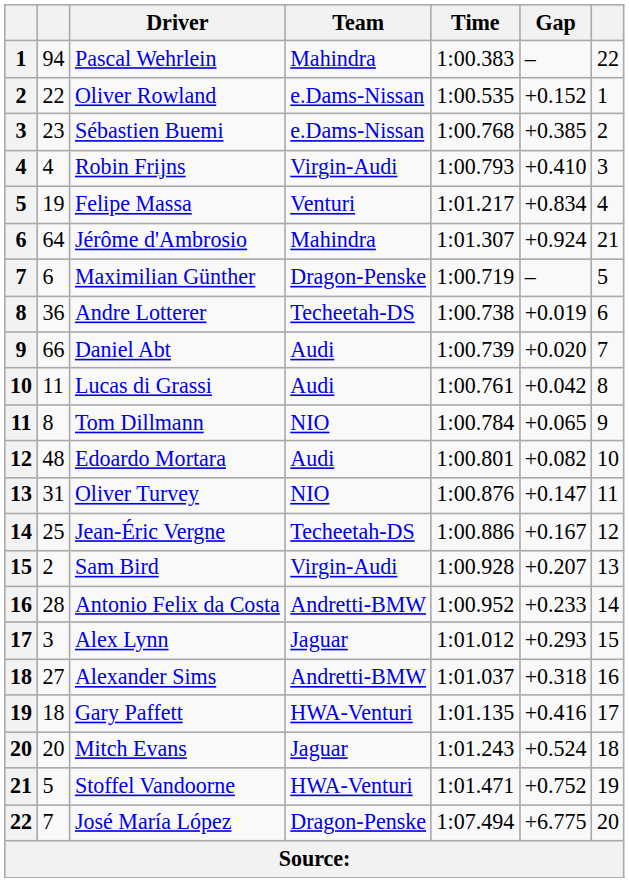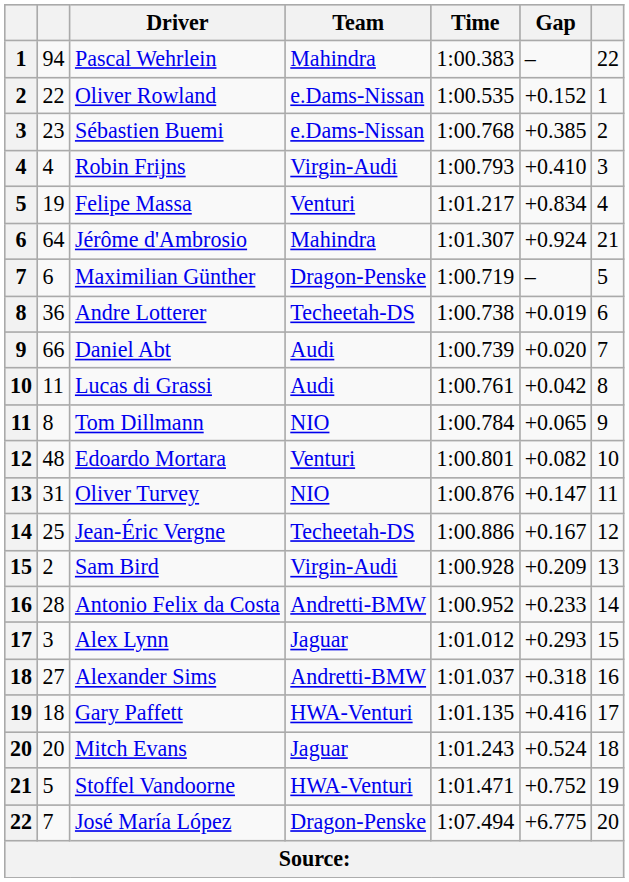 <table class="wikitable" style="font-size: 85%">
 <tr>
 <th scope="col"></th>
 <th scope="col"></th>
 <th scope="col">Driver</th>
 <th scope="col">Team</th>
 <th scope="col">Time</th>
 <th scope="col">Gap</th>
 <th scope="col"></th>
 </tr>
 <tr>
 <th scope="row">1</th>
 <td>94</td>
 <td> <a href='#'>Pascal Wehrlein</a></td>
 <td><a href='#'>Mahindra</a></td>
 <td>1:00.383</td>
 <td>–</td>
 <td>22</td>
 </tr>
 <tr>
 <th scope="row">2</th>
 <td>22</td>
 <td> <a href='#'>Oliver Rowland</a></td>
 <td><a href='#'>e.Dams-Nissan</a></td>
 <td>1:00.535</td>
 <td>+0.152</td>
 <td>1</td>
 </tr>
 <tr>
 <th scope="row">3</th>
 <td>23</td>
 <td> <a href='#'>Sébastien Buemi</a></td>
 <td><a href='#'>e.Dams-Nissan</a></td>
 <td>1:00.768</td>
 <td>+0.385</td>
 <td>2</td>
 </tr>
 <tr>
 <th scope="row">4</th>
 <td>4</td>
 <td> <a href='#'>Robin Frijns</a></td>
 <td><a href='#'>Virgin-Audi</a></td>
 <td>1:00.793</td>
 <td>+0.410</td>
 <td>3</td>
 </tr>
 <tr>
 <th scope="row">5</th>
 <td>19</td>
 <td> <a href='#'>Felipe Massa</a></td>
 <td><a href='#'>Venturi</a></td>
 <td>1:01.217</td>
 <td>+0.834</td>
 <td>4</td>
 </tr>
 <tr>
 <th scope="row">6</th>
 <td>64</td>
 <td> <a href='#'>Jérôme d'Ambrosio</a></td>
 <td><a href='#'>Mahindra</a></td>
 <td>1:01.307</td>
 <td>+0.924</td>
 <td>21</td>
 </tr>
 <tr>
 <th scope="row">7</th>
 <td>6</td>
 <td> <a href='#'>Maximilian Günther</a></td>
 <td><a href='#'>Dragon-Penske</a></td>
 <td>1:00.719</td>
 <td>–</td>
 <td>5</td>
 </tr>
 <tr>
 <th scope="row">8</th>
 <td>36</td>
 <td> <a href='#'>Andre Lotterer</a></td>
 <td><a href='#'>Techeetah-DS</a></td>
 <td>1:00.738</td>
 <td>+0.019</td>
 <td>6</td>
 </tr>
 <tr>
 <th scope="row">9</th>
 <td>66</td>
 <td> <a href='#'>Daniel Abt</a></td>
 <td><a href='#'>Audi</a></td>
 <td>1:00.739</td>
 <td>+0.020</td>
 <td>7</td>
 </tr>
 <tr>
 <th scope="row">10</th>
 <td>11</td>
 <td> <a href='#'>Lucas di Grassi</a></td>
 <td><a href='#'>Audi</a></td>
 <td>1:00.761</td>
 <td>+0.042</td>
 <td>8</td>
 </tr>
 <tr>
 <th scope="row">11</th>
 <td>8</td>
 <td> <a href='#'>Tom Dillmann</a></td>
 <td><a href='#'>NIO</a></td>
 <td>1:00.784</td>
 <td>+0.065</td>
 <td>9</td>
 </tr>
 <tr>
 <th scope="row">12</th>
 <td>48</td>
 <td> <a href='#'>Edoardo Mortara</a></td>
-<td><a href='#'>Audi</a></td>
+<td><a href='#'>Venturi</a></td>
 <td>1:00.801</td>
 <td>+0.082</td>
 <td>10</td>
 </tr>
 <tr>
 <th scope="row">13</th>
 <td>31</td>
 <td> <a href='#'>Oliver Turvey</a></td>
 <td><a href='#'>NIO</a></td>
 <td>1:00.876</td>
 <td>+0.147</td>
 <td>11</td>
 </tr>
 <tr>
 <th scope="row">14</th>
 <td>25</td>
 <td> <a href='#'>Jean-Éric Vergne</a></td>
 <td><a href='#'>Techeetah-DS</a></td>
 <td>1:00.886</td>
 <td>+0.167</td>
 <td>12</td>
 </tr>
 <tr>
 <th scope="row">15</th>
 <td>2</td>
 <td> <a href='#'>Sam Bird</a></td>
 <td><a href='#'>Virgin-Audi</a></td>
 <td>1:00.928</td>
-<td>+0.207</td>
+<td>+0.209</td>
 <td>13</td>
 </tr>
 <tr>
 <th scope="row">16</th>
 <td>28</td>
 <td> <a href='#'>Antonio Felix da Costa</a></td>
 <td><a href='#'>Andretti-BMW</a></td>
 <td>1:00.952</td>
 <td>+0.233</td>
 <td>14</td>
 </tr>
 <tr>
 <th scope="row">17</th>
 <td>3</td>
 <td> <a href='#'>Alex Lynn</a></td>
 <td><a href='#'>Jaguar</a></td>
 <td>1:01.012</td>
 <td>+0.293</td>
 <td>15</td>
 </tr>
 <tr>
 <th scope="row">18</th>
 <td>27</td>
 <td> <a href='#'>Alexander Sims</a></td>
 <td><a href='#'>Andretti-BMW</a></td>
 <td>1:01.037</td>
 <td>+0.318</td>
 <td>16</td>
 </tr>
 <tr>
 <th scope="row">19</th>
 <td>18</td>
 <td> <a href='#'>Gary Paffett</a></td>
 <td><a href='#'>HWA-Venturi</a></td>
 <td>1:01.135</td>
 <td>+0.416</td>
 <td>17</td>
 </tr>
 <tr>
 <th scope="row">20</th>
 <td>20</td>
 <td> <a href='#'>Mitch Evans</a></td>
 <td><a href='#'>Jaguar</a></td>
 <td>1:01.243</td>
 <td>+0.524</td>
 <td>18</td>
 </tr>
 <tr>
 <th scope="row">21</th>
 <td>5</td>
 <td> <a href='#'>Stoffel Vandoorne</a></td>
 <td><a href='#'>HWA-Venturi</a></td>
 <td>1:01.471</td>
 <td>+0.752</td>
 <td>19</td>
 </tr>
 <tr>
 <th scope="row">22</th>
 <td>7</td>
 <td> <a href='#'>José María López</a></td>
 <td><a href='#'>Dragon-Penske</a></td>
 <td>1:07.494</td>
 <td>+6.775</td>
 <td>20</td>
 </tr>
 <tr>
 <th colspan="7">Source:</th>
 </tr>
 <tr>
 </tr>
 </table>
